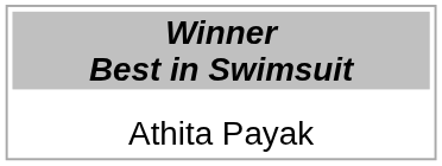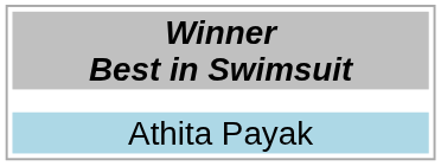 <table style="border-spacing: 2px; border: 1px solid darkgray; font-size: 90%; float:right;">
 <tr>
 <td width=180px align=center colspan=5 bgcolor=#C0C0C0><strong><em>Winner<br>Best in Swimsuit</em></strong></td>
 </tr>
 <tr>
 <td align=center></td>
 </tr>
 <tr>
 <td align=center><strong></strong></td>
 </tr>
 <tr>
-<td align=center>Athita Payak</td>
+<td align=center style="background: lightblue;">Athita Payak</td>
 </tr>
 </table>
